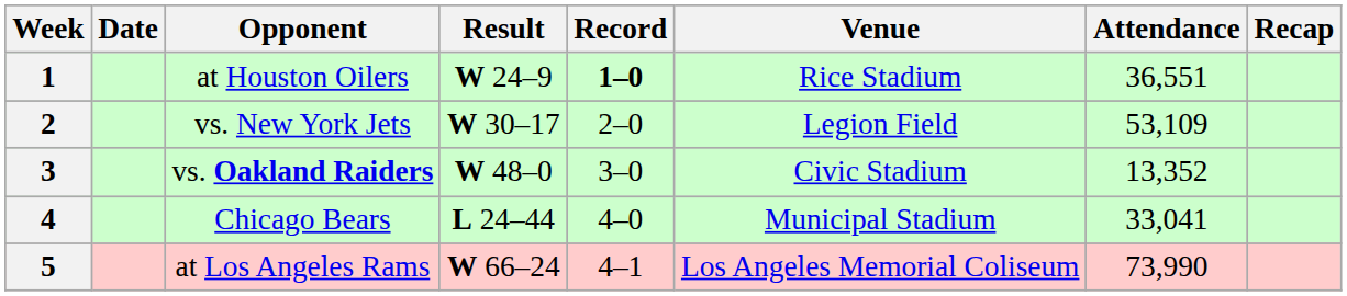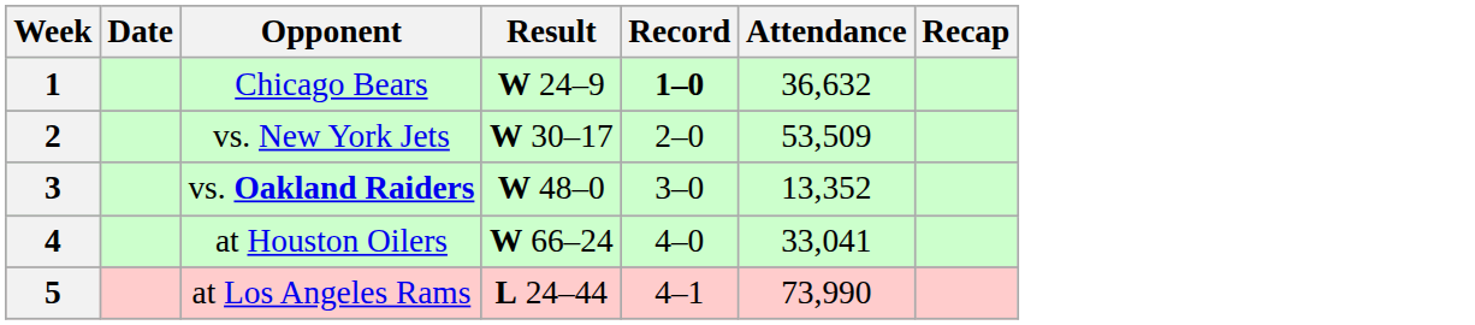 <table class="wikitable" style="text-align:center">
 <tr>
 <th>Week</th>
 <th>Date</th>
 <th>Opponent</th>
 <th>Result</th>
 <th>Record</th>
-<th>Venue</th>
 <th>Attendance</th>
 <th>Recap</th>
 </tr>
 <tr style="background:#cfc">
 <th>1</th>
 <td></td>
-<td>at <a href='#'>Houston Oilers</a></td>
+<td><a href='#'>Chicago Bears</a></td>
 <td><strong>W</strong> 24–9</td>
 <td><strong>1–0</strong></td>
-<td><a href='#'>Rice Stadium</a></td>
-<td>36,551</td>
+<td>36,632</td>
 <td></td>
 </tr>
 <tr style="background:#cfc">
 <th>2</th>
 <td></td>
 <td>vs. <a href='#'>New York Jets</a></td>
 <td><strong>W</strong> 30–17</td>
 <td>2–0</td>
-<td><a href='#'>Legion Field</a> </td>
-<td>53,109</td>
+<td>53,509</td>
 <td></td>
 </tr>
 <tr style="background:#cfc">
 <th>3</th>
 <td></td>
 <td>vs. <strong><a href='#'>Oakland Raiders</a></strong></td>
 <td><strong>W</strong> 48–0</td>
 <td>3–0</td>
-<td><a href='#'>Civic Stadium</a> </td>
 <td>13,352</td>
 <td></td>
 </tr>
 <tr style="background:#cfc">
 <th>4</th>
 <td></td>
-<td><a href='#'>Chicago Bears</a></td>
-<td><strong>L</strong> 24–44</td>
+<td>at <a href='#'>Houston Oilers</a></td>
+<td><strong>W</strong> 66–24</td>
 <td>4–0</td>
-<td><a href='#'>Municipal Stadium</a></td>
 <td>33,041</td>
 <td></td>
 </tr>
 <tr style="background:#fcc">
 <th>5</th>
 <td></td>
 <td>at <a href='#'>Los Angeles Rams</a></td>
-<td><strong>W</strong> 66–24</td>
+<td><strong>L</strong> 24–44</td>
 <td>4–1</td>
-<td><a href='#'>Los Angeles Memorial Coliseum</a></td>
 <td>73,990</td>
 <td></td>
 </tr>
 </table>
